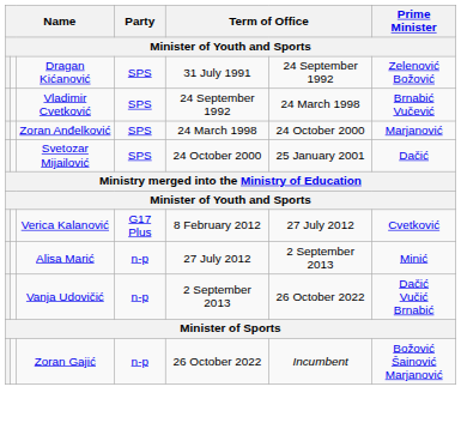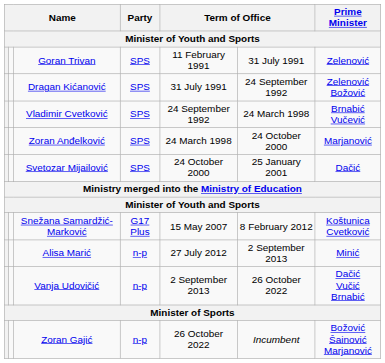 <table class="wikitable" style="text-align:center;">
 <tr>
 <th colspan=3>Name<br></th>
 <th>Party</th>
 <th colspan=2>Term of Office</th>
 <th><a href='#'>Prime Minister</a><br></th>
 </tr>
 <tr>
 <th colspan="7">Minister of Youth and Sports</th>
+</tr>
+<tr>
+<th style="background:"></th>
+<td></td>
+<td><a href='#'>Goran Trivan</a><br></td>
+<td><a href='#'>SPS</a></td>
+<td>11 February 1991</td>
+<td>31 July 1991</td>
+<td><a href='#'>Zelenović</a> </td>
 </tr>
 <tr>
 <th style="background:"></th>
 <td></td>
 <td><a href='#'>Dragan Kićanović</a><br></td>
 <td><a href='#'>SPS</a></td>
 <td>31 July 1991</td>
 <td>24 September 1992</td>
 <td><a href='#'>Zelenović</a> <br><a href='#'>Božović</a> </td>
 </tr>
 <tr>
 <th style="background:"></th>
 <td></td>
 <td><a href='#'>Vladimir Cvetković</a><br></td>
 <td><a href='#'>SPS</a></td>
 <td>24 September 1992</td>
 <td>24 March 1998</td>
 <td><a href='#'>Brnabić</a> <br><a href='#'>Vučević</a> </td>
 </tr>
 <tr>
 <th style="background:"></th>
 <td></td>
 <td><a href='#'>Zoran Anđelković</a><br></td>
 <td><a href='#'>SPS</a></td>
 <td>24 March 1998</td>
 <td>24 October 2000</td>
 <td><a href='#'>Marjanović</a> </td>
 </tr>
 <tr>
 <th style="background:"></th>
 <td></td>
 <td><a href='#'>Svetozar Mijailović</a><br></td>
 <td><a href='#'>SPS</a></td>
 <td>24 October 2000</td>
 <td>25 January 2001</td>
 <td><a href='#'>Dačić</a> </td>
 </tr>
 <tr>
 <th colspan="7">Ministry merged into the <a href='#'>Ministry of Education</a></th>
 </tr>
 <tr>
 <th colspan="7">Minister of Youth and Sports</th>
 </tr>
 <tr>
 <th style="background:"></th>
 <td></td>
-<td><a href='#'>Verica Kalanović</a><br></td>
+<td><a href='#'>Snežana Samardžić-Marković</a><br></td>
 <td><a href='#'>G17 Plus</a></td>
+<td>15 May 2007</td>
 <td>8 February 2012</td>
-<td>27 July 2012</td>
-<td><a href='#'>Cvetković</a> </td>
+<td><a href='#'>Koštunica</a> <br><a href='#'>Cvetković</a> </td>
 </tr>
 <tr>
 <th style="background:"></th>
 <td></td>
 <td><a href='#'>Alisa Marić</a><br></td>
 <td><a href='#'>n-p</a></td>
 <td>27 July 2012</td>
 <td>2 September 2013</td>
 <td><a href='#'>Minić</a> </td>
 </tr>
 <tr>
 <th style="background:"></th>
 <td></td>
 <td><a href='#'>Vanja Udovičić</a><br></td>
 <td><a href='#'>n-p</a></td>
 <td>2 September 2013</td>
 <td>26 October 2022</td>
 <td><a href='#'>Dačić</a> <br><a href='#'>Vučić</a> <br><a href='#'>Brnabić</a> </td>
 </tr>
 <tr>
 <th colspan="7">Minister of Sports</th>
 </tr>
 <tr>
 <th style="background:"></th>
 <td></td>
 <td><a href='#'>Zoran Gajić</a><br></td>
 <td><a href='#'>n-p</a></td>
 <td>26 October 2022</td>
 <td><em>Incumbent</em></td>
 <td><a href='#'>Božović</a> <br><a href='#'>Šainović</a> <br><a href='#'>Marjanović</a> </td>
 </tr>
 </table>
